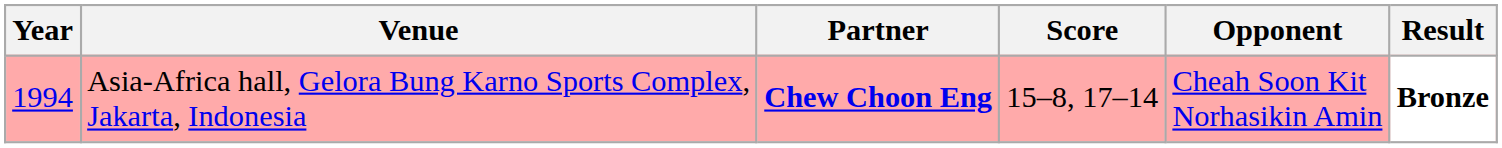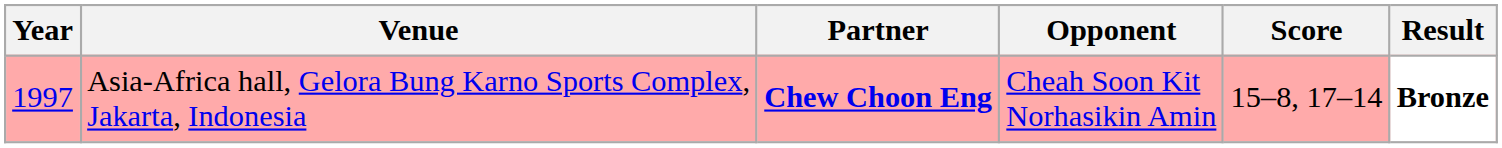 <table class="sortable wikitable" style="font-size: 90%;">
 <tr>
 <th>Year</th>
 <th>Venue</th>
 <th>Partner</th>
+<th>Opponent</th>
 <th>Score</th>
-<th>Opponent</th>
 <th>Result</th>
 </tr>
 <tr style="background:#FFAAAA">
-<td align="center"><a href='#'>1994</a></td>
+<td align="center"><a href='#'>1997</a></td>
 <td align="left">Asia-Africa hall, <a href='#'>Gelora Bung Karno Sports Complex</a>,<br><a href='#'>Jakarta</a>, <a href='#'>Indonesia</a></td>
 <td align="left"><strong> <a href='#'>Chew Choon Eng</a></strong></td>
+<td align="left"> <a href='#'>Cheah Soon Kit</a> <br>  <a href='#'>Norhasikin Amin</a></td>
 <td align="left">15–8, 17–14</td>
-<td align="left"> <a href='#'>Cheah Soon Kit</a> <br>  <a href='#'>Norhasikin Amin</a></td>
 <td style="text-align:left; background:white"> <strong>Bronze</strong></td>
 </tr>
 </table>
